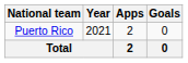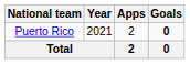 <table class="wikitable" style="text-align:center">
 <tr>
 <th>National team</th>
 <th>Year</th>
 <th>Apps</th>
 <th>Goals</th>
 </tr>
 <tr>
 <td rowspan=1><a href='#'>Puerto Rico</a></td>
 <td>2021</td>
 <td>2</td>
-<td>0</td>
+<td><strong>0</strong></td>
 </tr>
 <tr>
 <th colspan=2>Total</th>
 <th>2</th>
 <th>0</th>
 </tr>
 </table>
